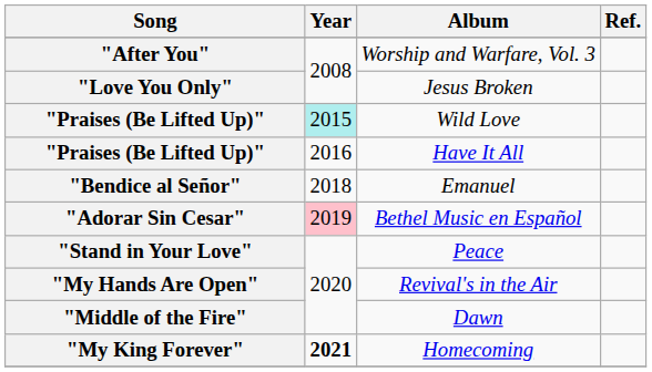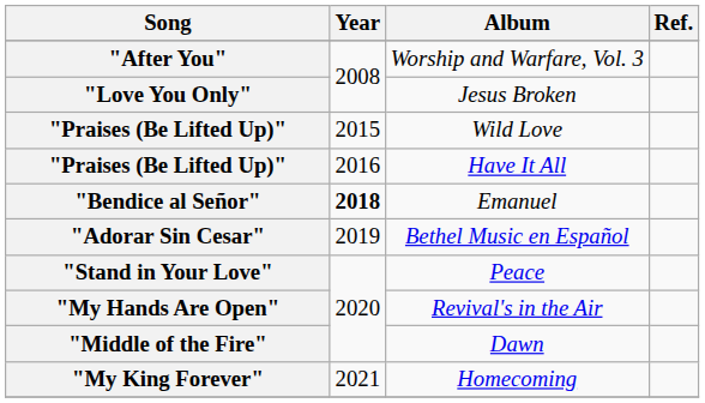 <table class="wikitable plainrowheaders" style="text-align:center;">
 <tr>
 <th scope="col" style="width:14em;">Song</th>
 <th scope="col">Year</th>
 <th scope="col">Album</th>
 <th scope="col">Ref.</th>
 </tr>
 <tr>
 </tr>
 <tr>
 <th scope="row">"After You"<br></th>
 <td rowspan="2">2008</td>
 <td><em>Worship and Warfare, Vol. 3</em></td>
 <td></td>
 </tr>
 <tr>
 <th scope="row">"Love You Only"<br></th>
 <td><em>Jesus Broken</em></td>
 <td></td>
 </tr>
 <tr>
 <th scope="row">"Praises (Be Lifted Up)"<br></th>
-<td style="background: paleturquoise;">2015</td>
+<td>2015</td>
 <td><em>Wild Love</em></td>
 <td></td>
 </tr>
 <tr>
 <th scope="row">"Praises (Be Lifted Up)"<br></th>
 <td>2016</td>
 <td><em><a href='#'>Have It All</a></em></td>
 <td></td>
 </tr>
 <tr>
 <th scope="row">"Bendice al Señor"<br></th>
-<td>2018</td>
+<td><strong>2018</strong></td>
 <td><em>Emanuel</em></td>
 <td></td>
 </tr>
 <tr>
 <th scope="row">"Adorar Sin Cesar"<br></th>
-<td style="background: pink;">2019</td>
+<td>2019</td>
 <td><em><a href='#'>Bethel Music en Español</a></em></td>
 <td></td>
 </tr>
 <tr>
 <th scope="row">"Stand in Your Love"<br></th>
 <td rowspan="3">2020</td>
 <td><em><a href='#'>Peace</a></em></td>
 <td></td>
 </tr>
 <tr>
 <th scope="row">"My Hands Are Open"<br></th>
 <td><em><a href='#'>Revival's in the Air</a></em></td>
 <td></td>
 </tr>
 <tr>
 <th scope="row">"Middle of the Fire"<br></th>
 <td><em><a href='#'>Dawn</a></em></td>
 <td></td>
 </tr>
 <tr>
 <th scope="row">"My King Forever"<br></th>
-<td><strong>2021</strong></td>
+<td>2021</td>
 <td><em><a href='#'>Homecoming</a></em></td>
 <td></td>
 </tr>
 <tr>
 </tr>
 </table>
